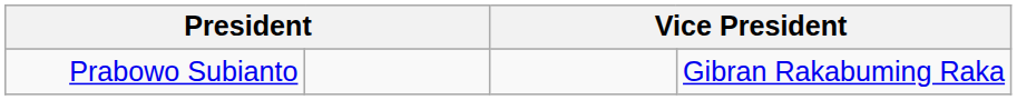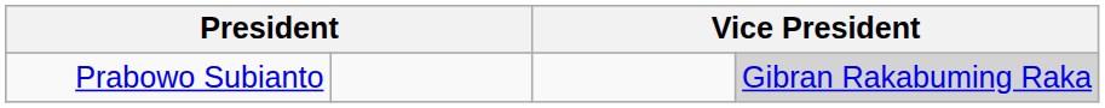 <table class="wikitable">
 <tr>
 <th colspan="2" width="270">President</th>
 <th colspan="2" width="270">Vice President</th>
 </tr>
 <tr>
 <td align="right"><a href='#'>Prabowo Subianto</a></td>
 <td align="center" width="99"></td>
 <td align="center" width="99"></td>
-<td align="left"><a href='#'>Gibran Rakabuming Raka</a></td>
+<td align="left" style="background: lightgrey;"><a href='#'>Gibran Rakabuming Raka</a></td>
 </tr>
 </table>
